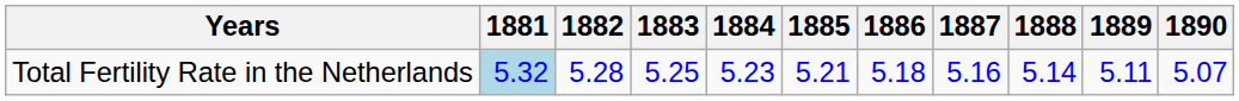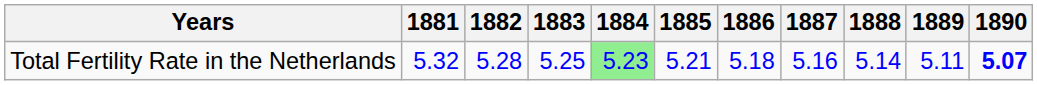 <table class="wikitable " style="text-align:right">
 <tr>
 <th>Years</th>
 <th>1881</th>
 <th>1882</th>
 <th>1883</th>
 <th>1884</th>
 <th>1885</th>
 <th>1886</th>
 <th>1887</th>
 <th>1888</th>
 <th>1889</th>
 <th>1890</th>
 </tr>
 <tr>
 <td align="left">Total Fertility Rate in the Netherlands</td>
-<td style="background: lightblue; text-align:right; color:blue;">5.32</td>
+<td style="text-align:right; color:blue;">5.32</td>
 <td style="text-align:right; color:blue;">5.28</td>
 <td style="text-align:right; color:blue;">5.25</td>
-<td style="text-align:right; color:blue;">5.23</td>
+<td style="background: lightgreen; text-align:right; color:blue;">5.23</td>
 <td style="text-align:right; color:blue;">5.21</td>
 <td style="text-align:right; color:blue;">5.18</td>
 <td style="text-align:right; color:blue;">5.16</td>
 <td style="text-align:right; color:blue;">5.14</td>
 <td style="text-align:right; color:blue;">5.11</td>
-<td style="text-align:right; color:blue;">5.07</td>
+<td style="text-align:right; color:blue;"><strong>5.07</strong></td>
 </tr>
 </table>
